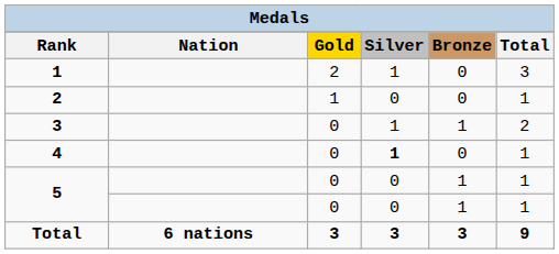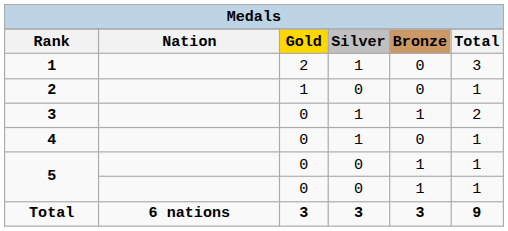 <table class=wikitable style=text-align:center>
 <tr>
 <td colspan=6 style="background:#BCD4E6"><strong>Medals</strong></td>
 </tr>
 <tr>
 </tr>
 <tr style="background-color:#EDEDED;">
 <th width=75px class="hintergrundfarbe5">Rank</th>
 <th width=150px class="hintergrundfarbe6">Nation</th>
 <th width=35px style="background:gold">Gold</th>
 <th width=35px style="background:silver">Silver</th>
 <th width=35px style="background:#CC9966">Bronze</th>
 <th width=35px>Total</th>
 </tr>
 <tr>
 <td><strong>1</strong></td>
 <td style="text-align:left"></td>
 <td>2</td>
 <td>1</td>
 <td>0</td>
 <td>3</td>
 </tr>
 <tr>
 <td><strong>2</strong></td>
 <td style="text-align:left"></td>
 <td>1</td>
 <td>0</td>
 <td>0</td>
 <td>1</td>
 </tr>
 <tr>
 <td><strong>3</strong></td>
 <td style="text-align:left"></td>
 <td>0</td>
 <td>1</td>
 <td>1</td>
 <td>2</td>
 </tr>
 <tr>
 <td><strong>4</strong></td>
 <td style="text-align:left"></td>
 <td>0</td>
-<td><strong>1</strong></td>
+<td>1</td>
 <td>0</td>
 <td>1</td>
 </tr>
 <tr>
 <td rowspan="2"><strong>5</strong></td>
 <td style="text-align:left"></td>
 <td>0</td>
 <td>0</td>
 <td>1</td>
 <td>1</td>
 </tr>
 <tr>
 <td style="text-align:left"></td>
 <td>0</td>
 <td>0</td>
 <td>1</td>
 <td>1</td>
 </tr>
 <tr>
 <td><strong>Total</strong></td>
 <td><strong>6 nations</strong></td>
 <td><strong>3</strong></td>
 <td><strong>3</strong></td>
 <td><strong>3</strong></td>
 <td><strong>9</strong></td>
 </tr>
 </table>
